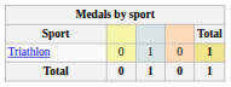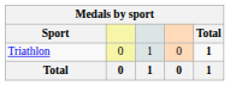 <table class="wikitable" style="font-size:90%; text-align:center;">
 <tr>
 <th colspan=5>Medals by sport</th>
 </tr>
 <tr>
 <th width=120>Sport</th>
 <th scope="col" width=30 style="background:#F7F6A8;"></th>
 <th scope="col" width=30 style="background:#DCE5E5;"></th>
 <th scope="col" width=30 style="background:#FFDAB9;"></th>
 <th width=30>Total</th>
 </tr>
 <tr>
 <td align=left> <a href='#'>Triathlon</a></td>
 <td style="background:#F7F6A8;">0</td>
 <td style="background:#DCE5E5;">1</td>
 <td style="background:#FFDAB9;">0</td>
-<td style="background: khaki;"><strong>1</strong></td>
+<td><strong>1</strong></td>
 </tr>
 <tr class="sortbottom">
 <th>Total</th>
 <th>0</th>
 <th>1</th>
 <th>0</th>
 <th>1</th>
 </tr>
 </table>
